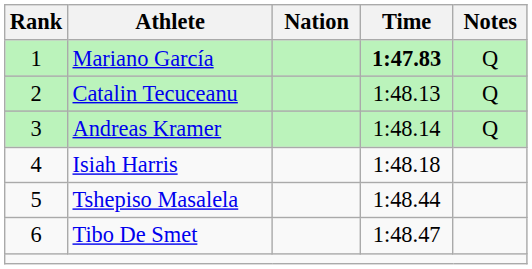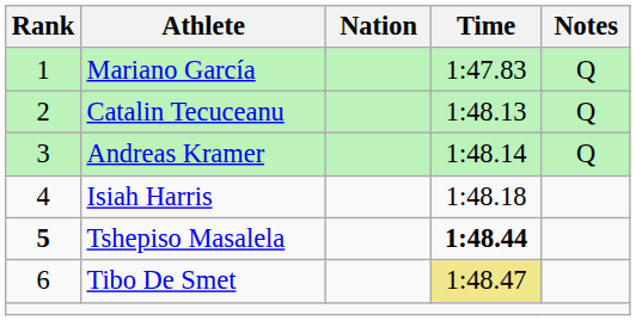 <table class="wikitable sortable" style="text-align:center;width: 60%;">
 <tr>
 <th scope="col" style="width: 10px;">Rank</th>
 <th scope="col">Athlete</th>
 <th scope="col">Nation</th>
 <th scope="col">Time</th>
 <th scope="col">Notes</th>
 </tr>
 <tr bgcolor=bbf3bb>
 <td>1</td>
 <td align=left><a href='#'>Mariano García</a></td>
 <td align=left></td>
-<td><strong>1:47.83</strong></td>
+<td>1:47.83</td>
 <td>Q</td>
 </tr>
 <tr bgcolor=bbf3bb>
 <td>2</td>
 <td align=left><a href='#'>Catalin Tecuceanu</a></td>
 <td align=left></td>
 <td>1:48.13</td>
 <td>Q</td>
 </tr>
 <tr bgcolor=bbf3bb>
 <td>3</td>
 <td align=left><a href='#'>Andreas Kramer</a></td>
 <td align=left></td>
 <td>1:48.14</td>
 <td>Q</td>
 </tr>
 <tr>
 <td>4</td>
 <td align=left><a href='#'>Isiah Harris</a></td>
 <td align=left></td>
 <td>1:48.18</td>
 <td></td>
 </tr>
 <tr>
-<td>5</td>
+<td><strong>5</strong></td>
 <td align=left><a href='#'>Tshepiso Masalela</a></td>
 <td align=left></td>
-<td>1:48.44</td>
+<td><strong>1:48.44</strong></td>
 <td></td>
 </tr>
 <tr>
 <td>6</td>
 <td align=left><a href='#'>Tibo De Smet</a></td>
 <td align=left></td>
-<td>1:48.47</td>
+<td style="background: khaki;">1:48.47</td>
 <td></td>
 </tr>
 <tr class="sortbottom">
 <td colspan="5"></td>
 </tr>
 </table>
